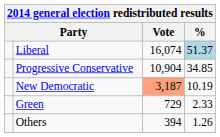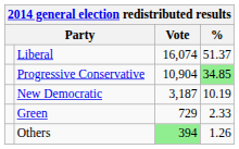 <table class="wikitable">
 <tr>
 <th colspan="4"><a href='#'>2014 general election</a> redistributed results</th>
 </tr>
 <tr>
 <th bgcolor="#DDDDFF" width="130px" colspan="2">Party</th>
 <th bgcolor="#DDDDFF" width="50px">Vote</th>
 <th bgcolor="#DDDDFF" width="30px">%</th>
 </tr>
 <tr>
 <td> </td>
 <td><a href='#'>Liberal</a></td>
 <td align=right>16,074</td>
-<td align=right style="background: lightblue;">51.37</td>
+<td align=right>51.37</td>
 </tr>
 <tr>
 <td> </td>
 <td><a href='#'>Progressive Conservative</a></td>
 <td align=right>10,904</td>
-<td align=right>34.85</td>
+<td align=right style="background: lightgreen;">34.85</td>
 </tr>
 <tr>
 <td> </td>
 <td><a href='#'>New Democratic</a></td>
-<td align=right style="background: lightsalmon;">3,187</td>
+<td align=right>3,187</td>
 <td align=right>10.19</td>
 </tr>
 <tr>
 <td> </td>
 <td><a href='#'>Green</a></td>
 <td align=right>729</td>
 <td align=right>2.33</td>
 </tr>
 <tr>
 <td> </td>
 <td>Others</td>
-<td align=right>394</td>
+<td align=right style="background: lightgreen;">394</td>
 <td align=right>1.26</td>
 </tr>
 </table>
